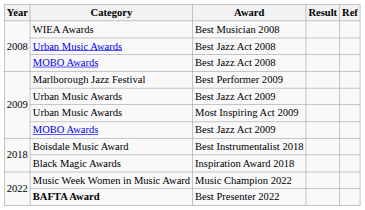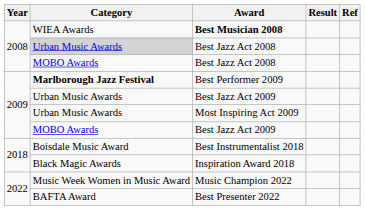 <table class=wikitable>
 <tr>
 <th>Year</th>
 <th>Category</th>
 <th>Award</th>
 <th>Result</th>
 <th>Ref</th>
 </tr>
 <tr>
 <td rowspan="3">2008</td>
 <td>WIEA Awards</td>
-<td>Best Musician 2008</td>
+<td><strong>Best Musician 2008</strong></td>
 <td></td>
 <td></td>
 </tr>
 <tr>
-<td><a href='#'>Urban Music Awards</a></td>
+<td style="background: lightgrey;"><a href='#'>Urban Music Awards</a></td>
 <td>Best Jazz Act 2008</td>
 <td></td>
 <td></td>
 </tr>
 <tr>
 <td><a href='#'>MOBO Awards</a></td>
 <td>Best Jazz Act 2008</td>
 <td></td>
 <td></td>
 </tr>
 <tr>
 <td rowspan="4">2009</td>
-<td>Marlborough Jazz Festival</td>
+<td><strong>Marlborough Jazz Festival</strong></td>
 <td>Best Performer 2009</td>
 <td></td>
 <td></td>
 </tr>
 <tr>
 <td>Urban Music Awards</td>
 <td>Best Jazz Act 2009</td>
 <td></td>
 <td></td>
 </tr>
 <tr>
 <td>Urban Music Awards</td>
 <td>Most Inspiring Act 2009</td>
 <td></td>
 <td></td>
 </tr>
 <tr>
 <td><a href='#'>MOBO Awards</a></td>
 <td>Best Jazz Act 2009</td>
 <td></td>
 <td></td>
 </tr>
 <tr>
 <td rowspan="2">2018</td>
 <td>Boisdale Music Award</td>
 <td>Best Instrumentalist 2018</td>
 <td></td>
 <td></td>
 </tr>
 <tr>
 <td>Black Magic Awards</td>
 <td>Inspiration Award 2018</td>
 <td></td>
 <td></td>
 </tr>
 <tr>
 <td rowspan="2">2022</td>
 <td>Music Week Women in Music Award</td>
 <td>Music Champion 2022</td>
 <td></td>
 <td></td>
 </tr>
 <tr>
-<td><strong>BAFTA Award</strong></td>
+<td>BAFTA Award</td>
 <td>Best Presenter 2022</td>
 <td></td>
 <td></td>
 </tr>
 </table>
